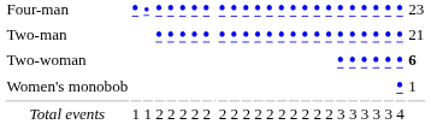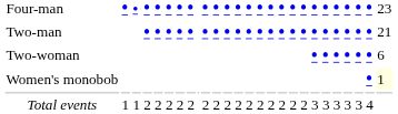 <table>
 <tr>
 <td align=left>Four-man</td>
 <td><big><strong><a href='#'>•</a></strong></big></td>
 <td><strong><a href='#'>•</a></strong></td>
 <td><big><strong><a href='#'>•</a></strong></big></td>
 <td><big><strong><a href='#'>•</a></strong></big></td>
 <td><big><strong><a href='#'>•</a></strong></big></td>
 <td><big><strong><a href='#'>•</a></strong></big></td>
 <td><big><strong><a href='#'>•</a></strong></big></td>
 <td></td>
 <td><big><strong><a href='#'>•</a></strong></big></td>
 <td><big><strong><a href='#'>•</a></strong></big></td>
 <td><big><strong><a href='#'>•</a></strong></big></td>
 <td><big><strong><a href='#'>•</a></strong></big></td>
 <td><big><strong><a href='#'>•</a></strong></big></td>
 <td><big><strong><a href='#'>•</a></strong></big></td>
 <td><big><strong><a href='#'>•</a></strong></big></td>
 <td><big><strong><a href='#'>•</a></strong></big></td>
 <td><big><strong><a href='#'>•</a></strong></big></td>
 <td><big><strong><a href='#'>•</a></strong></big></td>
 <td><big><strong><a href='#'>•</a></strong></big></td>
 <td><big><strong><a href='#'>•</a></strong></big></td>
 <td><big><strong><a href='#'>•</a></strong></big></td>
 <td><big><strong><a href='#'>•</a></strong></big></td>
 <td><big><strong><a href='#'>•</a></strong></big></td>
 <td><big><strong><a href='#'>•</a></strong></big></td>
 <td>23</td>
 </tr>
 <tr>
 <td align=left>Two-man</td>
 <td></td>
 <td></td>
 <td><big><strong><a href='#'>•</a></strong></big></td>
 <td><big><strong><a href='#'>•</a></strong></big></td>
 <td><big><strong><a href='#'>•</a></strong></big></td>
 <td><big><strong><a href='#'>•</a></strong></big></td>
 <td><big><strong><a href='#'>•</a></strong></big></td>
 <td></td>
 <td><big><strong><a href='#'>•</a></strong></big></td>
 <td><big><strong><a href='#'>•</a></strong></big></td>
 <td><big><strong><a href='#'>•</a></strong></big></td>
 <td><big><strong><a href='#'>•</a></strong></big></td>
 <td><big><strong><a href='#'>•</a></strong></big></td>
 <td><big><strong><a href='#'>•</a></strong></big></td>
 <td><big><strong><a href='#'>•</a></strong></big></td>
 <td><big><strong><a href='#'>•</a></strong></big></td>
 <td><big><strong><a href='#'>•</a></strong></big></td>
 <td><big><strong><a href='#'>•</a></strong></big></td>
 <td><big><strong><a href='#'>•</a></strong></big></td>
 <td><big><strong><a href='#'>•</a></strong></big></td>
 <td><big><strong><a href='#'>•</a></strong></big></td>
 <td><big><strong><a href='#'>•</a></strong></big></td>
 <td><big><strong><a href='#'>•</a></strong></big></td>
 <td><big><strong><a href='#'>•</a></strong></big></td>
 <td>21</td>
 </tr>
 <tr>
 <td align=left>Two-woman</td>
 <td></td>
 <td></td>
 <td></td>
 <td></td>
 <td></td>
 <td></td>
 <td></td>
 <td></td>
 <td></td>
 <td></td>
 <td></td>
 <td></td>
 <td></td>
 <td></td>
 <td></td>
 <td></td>
 <td></td>
 <td></td>
 <td><big><strong><a href='#'>•</a></strong></big></td>
 <td><big><strong><a href='#'>•</a></strong></big></td>
 <td><big><strong><a href='#'>•</a></strong></big></td>
 <td><big><strong><a href='#'>•</a></strong></big></td>
 <td><big><strong><a href='#'>•</a></strong></big></td>
 <td><big><strong><a href='#'>•</a></strong></big></td>
-<td><strong>6</strong></td>
+<td>6</td>
 </tr>
 <tr>
 <td align=left>Women's monobob</td>
 <td></td>
 <td></td>
 <td></td>
 <td></td>
 <td></td>
 <td></td>
 <td></td>
 <td></td>
 <td></td>
 <td></td>
 <td></td>
 <td></td>
 <td></td>
 <td></td>
 <td></td>
 <td></td>
 <td></td>
 <td></td>
 <td></td>
 <td></td>
 <td></td>
 <td></td>
 <td></td>
 <td><big><strong><a href='#'>•</a></strong></big></td>
-<td>1</td>
+<td style="background: lightyellow;">1</td>
 </tr>
 <tr bgcolor=lightgray>
 <td></td>
 <td></td>
 <td></td>
 <td></td>
 <td></td>
 <td></td>
 <td></td>
 <td></td>
 <td></td>
 <td></td>
 <td></td>
 <td></td>
 <td></td>
 <td></td>
 <td></td>
 <td></td>
 <td></td>
 <td></td>
 <td></td>
 <td></td>
 <td></td>
 <td></td>
 <td></td>
 <td></td>
 <td></td>
 <td></td>
 </tr>
 <tr align=center>
 <td><em>Total events</em></td>
 <td>1</td>
 <td>1</td>
 <td>2</td>
 <td>2</td>
 <td>2</td>
 <td>2</td>
 <td>2</td>
 <td></td>
 <td>2</td>
 <td>2</td>
 <td>2</td>
 <td>2</td>
 <td>2</td>
 <td>2</td>
 <td>2</td>
 <td>2</td>
 <td>2</td>
 <td>2</td>
 <td>3</td>
 <td>3</td>
 <td>3</td>
 <td>3</td>
 <td>3</td>
 <td>4</td>
 </tr>
 </table>
